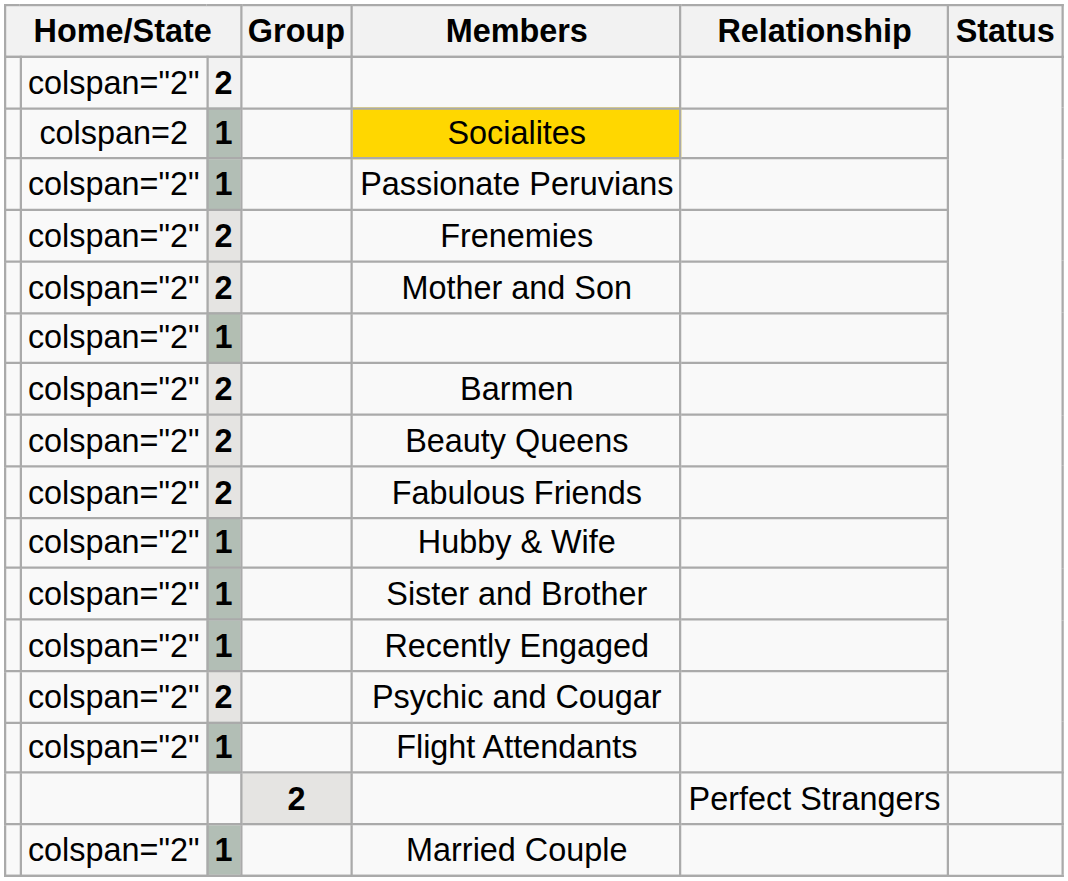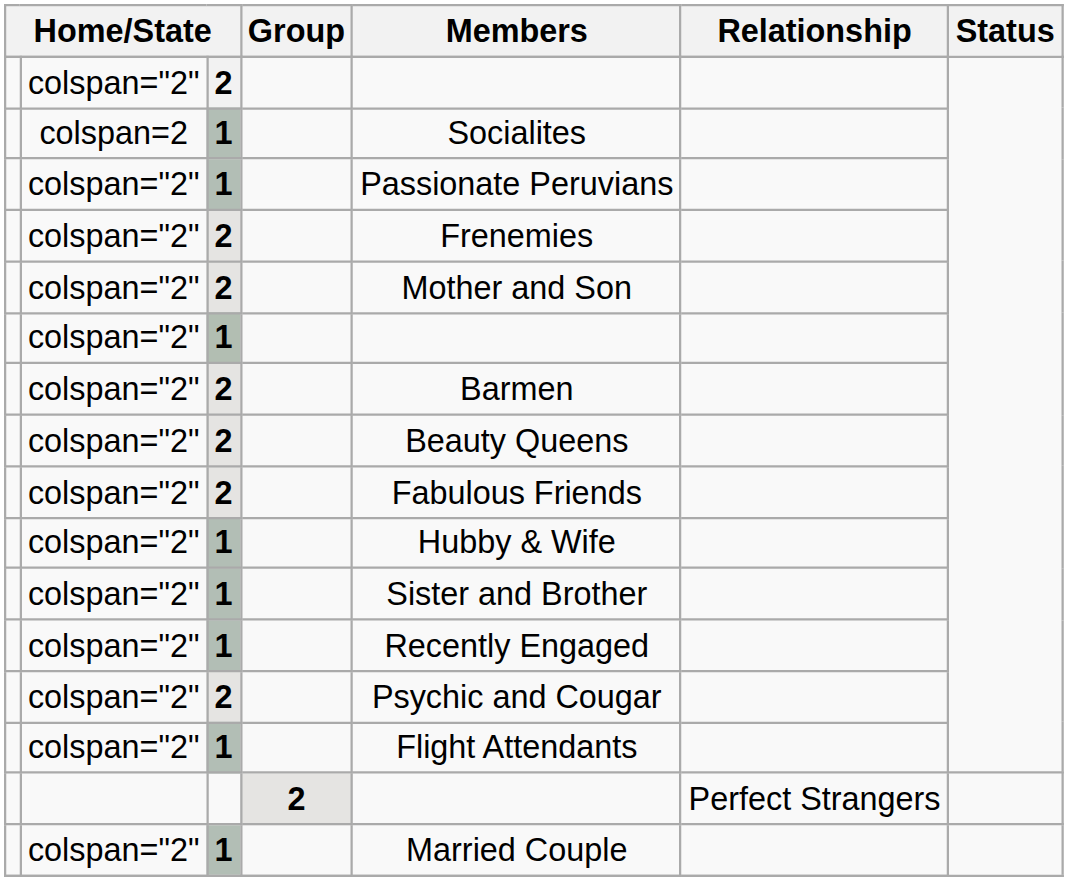 <table class="wikitable sortable" style="text-align:center; font-size:90%">
 <tr>
 <th colspan="3">Home/State</th>
 <th data-sort-type="number">Group</th>
 <th>Members</th>
 <th>Relationship</th>
 <th>Status</th>
 </tr>
 <tr>
 </tr>
 <tr>
 <td></td>
 <td>colspan="2" </td>
 <th style="background:##E5E4E2">2</th>
 <td></td>
 <td></td>
 <td style="text-align:left"><em></em></td>
 </tr>
 <tr>
 <td></td>
 <td>colspan=2 </td>
 <th style="background:#B2BEB5">1</th>
 <td></td>
-<td style="background: gold;">Socialites</td>
+<td>Socialites</td>
 <td style="text-align:left"><em></em></td>
 </tr>
 <tr>
 <td></td>
 <td>colspan="2" </td>
 <th style="background:#B2BEB5">1</th>
 <td></td>
 <td>Passionate Peruvians</td>
 <td style="text-align:left"><em></em></td>
 </tr>
 <tr>
 <td></td>
 <td>colspan="2" </td>
 <th style="background:#E5E4E2">2</th>
 <td></td>
 <td>Frenemies</td>
 <td style="text-align:left"><em></em></td>
 </tr>
 <tr>
 <td></td>
 <td>colspan="2" </td>
 <th style="background:#E5E4E2">2</th>
 <td></td>
 <td>Mother and Son</td>
 <td style="text-align:left"><em></em></td>
 </tr>
 <tr>
 <td></td>
 <td>colspan="2" </td>
 <th style="background:#B2BEB2">1</th>
 <td></td>
 <td></td>
 <td style="text-align:left"><em></em></td>
 </tr>
 <tr>
 <td></td>
 <td>colspan="2" </td>
 <th style="background:#E5E4E2">2</th>
 <td></td>
 <td>Barmen</td>
 <td style="text-align:left"><em></em></td>
 </tr>
 <tr>
 <td></td>
 <td>colspan="2" </td>
 <th style="background:#E5E4E2">2</th>
 <td></td>
 <td>Beauty Queens</td>
 <td style="text-align:left"><em></em></td>
 </tr>
 <tr>
 <td></td>
 <td>colspan="2" </td>
 <th style="background:#E5E4E2">2</th>
 <td></td>
 <td>Fabulous Friends</td>
 <td style="text-align:left"><em></em></td>
 </tr>
 <tr>
 <td></td>
 <td>colspan="2" </td>
 <th style="background:#B2BEB5">1</th>
 <td></td>
 <td>Hubby & Wife</td>
 <td style="text-align:left"><em></em></td>
 </tr>
 <tr>
 <td></td>
 <td>colspan="2" </td>
 <th style="background:#B2BEB5">1</th>
 <td></td>
 <td>Sister and Brother</td>
 <td style="text-align:left"><em></em></td>
 </tr>
 <tr>
 <td></td>
 <td>colspan="2" </td>
 <th style="background:#B2BEB5">1</th>
 <td></td>
 <td>Recently Engaged</td>
 <td style="text-align:left"><em></em></td>
 </tr>
 <tr>
 <td></td>
 <td>colspan="2" </td>
 <th style="background:#E5E4E2">2</th>
 <td></td>
 <td>Psychic and Cougar</td>
 <td style="text-align:left"><em></em></td>
 </tr>
 <tr>
 <td></td>
 <td>colspan="2" </td>
 <th style="background:#B2BEB5">1</th>
 <td></td>
 <td>Flight Attendants</td>
 <td style="text-align:left"><em></em></td>
 </tr>
 <tr>
 <td></td>
 <td></td>
 <td></td>
 <th style="background:#E5E4E2">2</th>
 <td></td>
 <td>Perfect Strangers</td>
 <td style="text-align:left"><em></em></td>
 </tr>
 <tr>
 <td></td>
 <td>colspan="2" </td>
 <th style="background:#B2BEB5">1</th>
 <td></td>
 <td>Married Couple</td>
 <td style="text-align:left"><em></em></td>
 </tr>
 <tr>
 </tr>
 </table>
